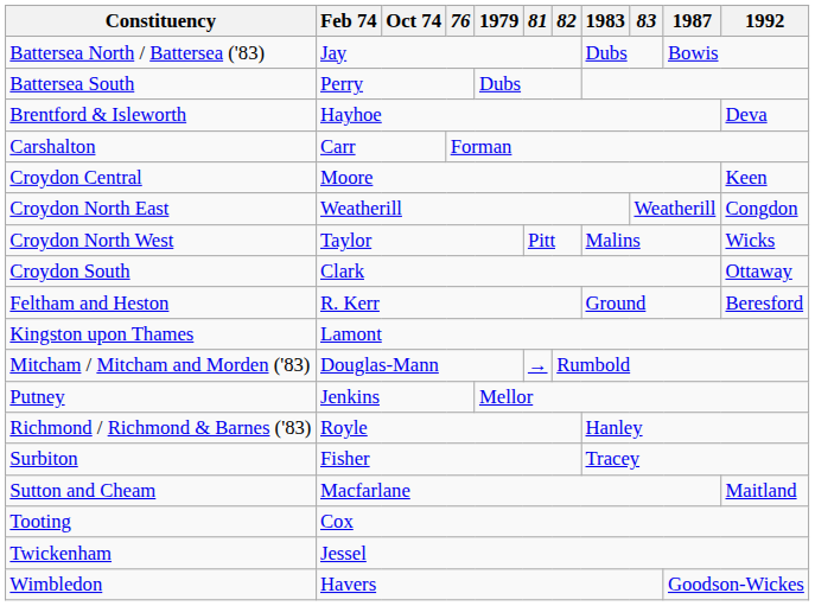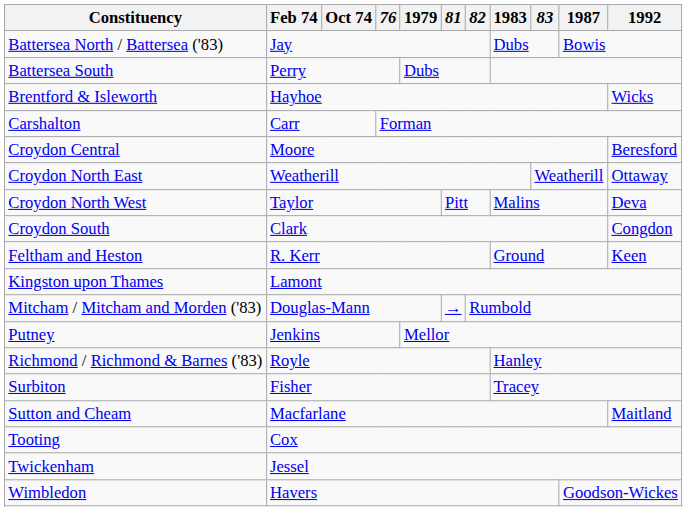 <table class="wikitable">
 <tr>
 <th>Constituency</th>
 <th>Feb 74</th>
 <th>Oct 74</th>
 <th><em>76</em></th>
 <th>1979</th>
 <th><em>81</em></th>
 <th><em>82</em></th>
 <th>1983</th>
 <th><em>83</em></th>
 <th>1987</th>
 <th>1992</th>
 </tr>
 <tr>
 <td><a href='#'>Battersea North</a> / <a href='#'>Battersea</a> ('83)</td>
 <td colspan="6"><a href='#'>Jay</a></td>
 <td colspan="2"><a href='#'>Dubs</a></td>
 <td colspan="3"><a href='#'>Bowis</a></td>
 </tr>
 <tr>
 <td><a href='#'>Battersea South</a></td>
 <td colspan="3"><a href='#'>Perry</a></td>
 <td colspan="3"><a href='#'>Dubs</a></td>
 <td colspan="4"></td>
 </tr>
 <tr>
 <td><a href='#'>Brentford & Isleworth</a></td>
 <td colspan="9"><a href='#'>Hayhoe</a></td>
-<td><a href='#'>Deva</a></td>
+<td><a href='#'>Wicks</a></td>
 </tr>
 <tr>
 <td><a href='#'>Carshalton</a></td>
 <td colspan="2"><a href='#'>Carr</a></td>
 <td colspan="8"><a href='#'>Forman</a></td>
 </tr>
 <tr>
 <td><a href='#'>Croydon Central</a></td>
 <td colspan="9"><a href='#'>Moore</a></td>
-<td><a href='#'>Keen</a></td>
+<td><a href='#'>Beresford</a></td>
 </tr>
 <tr>
 <td><a href='#'>Croydon North East</a></td>
 <td colspan="7"><a href='#'>Weatherill</a></td>
 <td colspan="2"><a href='#'>Weatherill</a></td>
-<td><a href='#'>Congdon</a></td>
+<td><a href='#'>Ottaway</a></td>
 </tr>
 <tr>
 <td><a href='#'>Croydon North West</a></td>
 <td colspan="4"><a href='#'>Taylor</a></td>
 <td colspan="2"><a href='#'>Pitt</a></td>
 <td colspan="3"><a href='#'>Malins</a></td>
-<td><a href='#'>Wicks</a></td>
+<td><a href='#'>Deva</a></td>
 </tr>
 <tr>
 <td><a href='#'>Croydon South</a></td>
 <td colspan="9"><a href='#'>Clark</a></td>
-<td><a href='#'>Ottaway</a></td>
+<td><a href='#'>Congdon</a></td>
 </tr>
 <tr>
 <td><a href='#'>Feltham and Heston</a></td>
 <td colspan="6"><a href='#'>R. Kerr</a></td>
 <td colspan="3"><a href='#'>Ground</a></td>
-<td><a href='#'>Beresford</a></td>
+<td><a href='#'>Keen</a></td>
 </tr>
 <tr>
 <td><a href='#'>Kingston upon Thames</a></td>
 <td colspan="10"><a href='#'>Lamont</a></td>
 </tr>
 <tr>
 <td><a href='#'>Mitcham</a> / <a href='#'>Mitcham and Morden</a> ('83)</td>
 <td colspan="4"><a href='#'>Douglas-Mann</a></td>
 <td><a href='#'>→</a></td>
 <td colspan="5"><a href='#'>Rumbold</a></td>
 </tr>
 <tr>
 <td><a href='#'>Putney</a></td>
 <td colspan="3"><a href='#'>Jenkins</a></td>
 <td colspan="7"><a href='#'>Mellor</a></td>
 </tr>
 <tr>
 <td><a href='#'>Richmond</a> / <a href='#'>Richmond & Barnes</a> ('83)</td>
 <td colspan="6"><a href='#'>Royle</a></td>
 <td colspan="4"><a href='#'>Hanley</a></td>
 </tr>
 <tr>
 <td><a href='#'>Surbiton</a></td>
 <td colspan="6"><a href='#'>Fisher</a></td>
 <td colspan="4"><a href='#'>Tracey</a></td>
 </tr>
 <tr>
 <td><a href='#'>Sutton and Cheam</a></td>
 <td colspan="9"><a href='#'>Macfarlane</a></td>
 <td><a href='#'>Maitland</a></td>
 </tr>
 <tr>
 <td><a href='#'>Tooting</a></td>
 <td colspan="10"><a href='#'>Cox</a></td>
 </tr>
 <tr>
 <td><a href='#'>Twickenham</a></td>
 <td colspan="10"><a href='#'>Jessel</a></td>
 </tr>
 <tr>
 <td><a href='#'>Wimbledon</a></td>
 <td colspan="8"><a href='#'>Havers</a></td>
 <td colspan="2"><a href='#'>Goodson-Wickes</a></td>
 </tr>
 </table>
